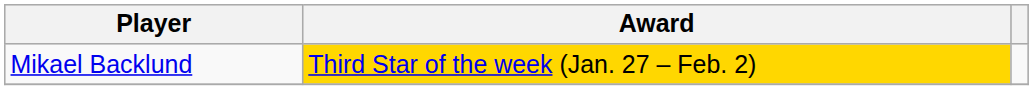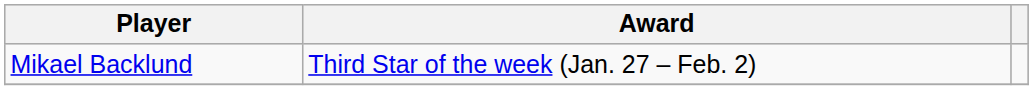 <table class="wikitable" style="width:52%;">
 <tr>
 <th>Player</th>
 <th>Award</th>
 <th></th>
 </tr>
 <tr>
 <td><a href='#'>Mikael Backlund</a></td>
-<td style="background: gold;"><a href='#'>Third Star of the week</a> (Jan. 27 – Feb. 2)</td>
+<td><a href='#'>Third Star of the week</a> (Jan. 27 – Feb. 2)</td>
 <td></td>
 </tr>
 <tr>
 </tr>
 </table>
